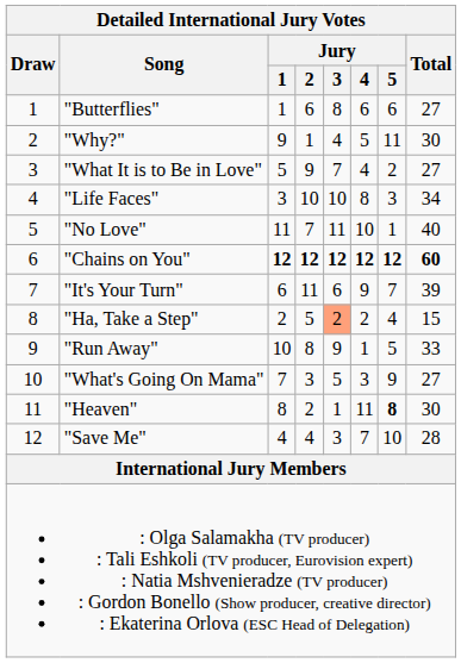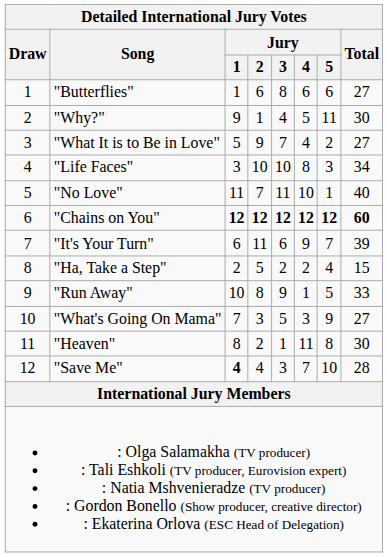 <table class="wikitable collapsible collapsed" style="margin: 1em auto 1em auto; text-align:center;">
 <tr>
 <th colspan="8">Detailed International Jury Votes</th>
 </tr>
 <tr>
 <th rowspan="2">Draw</th>
 <th rowspan="2">Song</th>
 <th colspan="5">Jury</th>
 <th rowspan="2">Total</th>
 </tr>
 <tr>
 <th>1</th>
 <th>2</th>
 <th>3</th>
 <th>4</th>
 <th>5</th>
 </tr>
 <tr>
 <td>1</td>
 <td align="left">"Butterflies"</td>
 <td>1</td>
 <td>6</td>
 <td>8</td>
 <td>6</td>
 <td>6</td>
 <td>27</td>
 </tr>
 <tr>
 <td>2</td>
 <td align="left">"Why?"</td>
 <td>9</td>
 <td>1</td>
 <td>4</td>
 <td>5</td>
 <td>11</td>
 <td>30</td>
 </tr>
 <tr>
 <td>3</td>
 <td align="left">"What It is to Be in Love"</td>
 <td>5</td>
 <td>9</td>
 <td>7</td>
 <td>4</td>
 <td>2</td>
 <td>27</td>
 </tr>
 <tr>
 <td>4</td>
 <td align="left">"Life Faces"</td>
 <td>3</td>
 <td>10</td>
 <td>10</td>
 <td>8</td>
 <td>3</td>
 <td>34</td>
 </tr>
 <tr>
 <td>5</td>
 <td align="left">"No Love"</td>
 <td>11</td>
 <td>7</td>
 <td>11</td>
 <td>10</td>
 <td>1</td>
 <td>40</td>
 </tr>
 <tr>
 <td>6</td>
 <td align="left">"Chains on You"</td>
 <td><strong>12</strong></td>
 <td><strong>12</strong></td>
 <td><strong>12</strong></td>
 <td><strong>12</strong></td>
 <td><strong>12</strong></td>
 <td><strong>60</strong></td>
 </tr>
 <tr>
 <td>7</td>
 <td align="left">"It's Your Turn"</td>
 <td>6</td>
 <td>11</td>
 <td>6</td>
 <td>9</td>
 <td>7</td>
 <td>39</td>
 </tr>
 <tr>
 <td>8</td>
 <td align="left">"Ha, Take a Step"</td>
 <td>2</td>
 <td>5</td>
-<td style="background: lightsalmon;">2</td>
+<td>2</td>
 <td>2</td>
 <td>4</td>
 <td>15</td>
 </tr>
 <tr>
 <td>9</td>
 <td align="left">"Run Away"</td>
 <td>10</td>
 <td>8</td>
 <td>9</td>
 <td>1</td>
 <td>5</td>
 <td>33</td>
 </tr>
 <tr>
 <td>10</td>
 <td align="left">"What's Going On Mama"</td>
 <td>7</td>
 <td>3</td>
 <td>5</td>
 <td>3</td>
 <td>9</td>
 <td>27</td>
 </tr>
 <tr>
 <td>11</td>
 <td align="left">"Heaven"</td>
 <td>8</td>
 <td>2</td>
 <td>1</td>
 <td>11</td>
-<td><strong>8</strong></td>
+<td>8</td>
 <td>30</td>
 </tr>
 <tr>
 <td>12</td>
 <td align="left">"Save Me"</td>
-<td>4</td>
+<td><strong>4</strong></td>
 <td>4</td>
 <td>3</td>
 <td>7</td>
 <td>10</td>
 <td>28</td>
 </tr>
 <tr>
 <th colspan="8">International Jury Members</th>
 </tr>
 <tr>
 <td colspan="8"><br><ul><li>: Olga Salamakha <small>(TV producer)</small></li><li>: Tali Eshkoli <small>(TV producer, Eurovision expert)</small></li><li>: Natia Mshvenieradze <small>(TV producer)</small></li><li>: Gordon Bonello <small>(Show producer, creative director)</small></li><li>: Ekaterina Orlova <small>(ESC Head of Delegation)</small></li></ul></td>
 </tr>
 </table>
